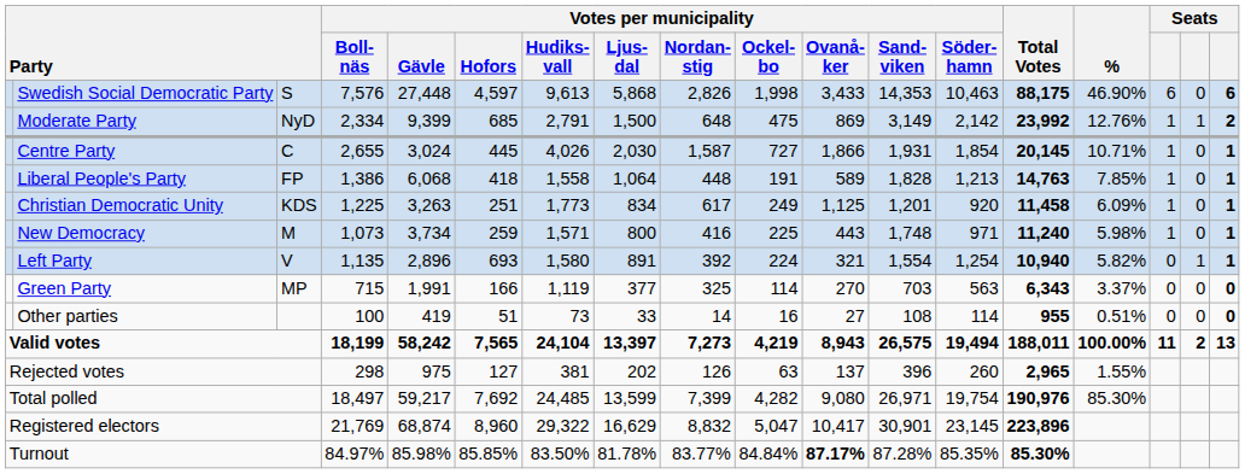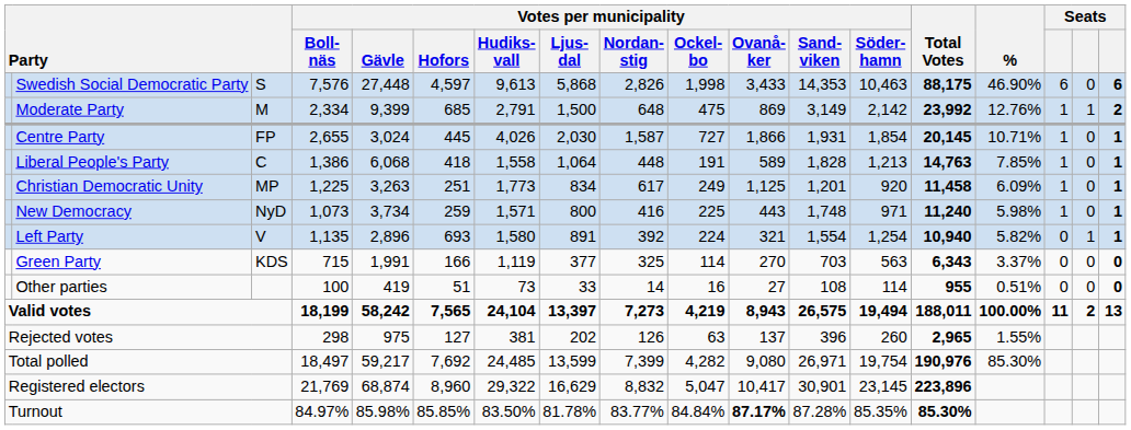 <table class="wikitable" border="1" style="text-align:right;">
 <tr>
 <th style="text-align:left;" valign=bottom rowspan=2 colspan=3>Party</th>
 <th colspan=10>Votes per municipality</th>
 <th align=center valign=bottom rowspan=2 width="50">Total Votes</th>
 <th align=center valign=bottom rowspan=2 width="50">%</th>
 <th colspan=3>Seats</th>
 </tr>
 <tr>
 <th align=center valign=bottom width="50"><a href='#'>Boll- näs</a></th>
 <th align=center valign=bottom width="50"><a href='#'>Gävle</a></th>
 <th align=center valign=bottom width="50"><a href='#'>Hofors</a></th>
 <th align=center valign=bottom width="50"><a href='#'>Hudiks- vall</a></th>
 <th align=center valign=bottom width="50"><a href='#'>Ljus- dal</a></th>
 <th align=center valign=bottom width="50"><a href='#'>Nordan- stig</a></th>
 <th align=center valign=bottom width="50"><a href='#'>Ockel- bo</a></th>
 <th align=center valign=bottom width="50"><a href='#'>Ovanå- ker</a></th>
 <th align=center valign=bottom width="50"><a href='#'>Sand- viken</a></th>
 <th align=center valign=bottom width="50"><a href='#'>Söder- hamn</a></th>
 <th align=center valign=bottom width="20"><small></small></th>
 <th align=center valign=bottom width="20"><small><a href='#'></a></small></th>
 <th align=center valign=bottom width="20"><small></small></th>
 </tr>
 <tr style="background:#CEE0F2;">
 <td></td>
 <td align=left style="white-space: nowrap;"><a href='#'>Swedish Social Democratic Party</a></td>
 <td align=left>S</td>
 <td>7,576</td>
 <td>27,448</td>
 <td>4,597</td>
 <td>9,613</td>
 <td>5,868</td>
 <td>2,826</td>
 <td>1,998</td>
 <td>3,433</td>
 <td>14,353</td>
 <td>10,463</td>
 <td><strong>88,175</strong></td>
 <td>46.90%</td>
 <td>6</td>
 <td>0</td>
 <td><strong>6</strong></td>
 </tr>
 <tr style="background:#CEE0F2;">
 <td></td>
 <td align=left><a href='#'>Moderate Party</a></td>
-<td align=left>NyD</td>
+<td align=left>M</td>
 <td>2,334</td>
 <td>9,399</td>
 <td>685</td>
 <td>2,791</td>
 <td>1,500</td>
 <td>648</td>
 <td>475</td>
 <td>869</td>
 <td>3,149</td>
 <td>2,142</td>
 <td><strong>23,992</strong></td>
 <td>12.76%</td>
 <td>1</td>
 <td>1</td>
 <td><strong>2</strong></td>
 </tr>
 <tr style="background:#CEE0F2; border-top:3px solid darkgray;">
 <td></td>
 <td align=left><a href='#'>Centre Party</a></td>
-<td align=left>C</td>
+<td align=left>FP</td>
 <td>2,655</td>
 <td>3,024</td>
 <td>445</td>
 <td>4,026</td>
 <td>2,030</td>
 <td>1,587</td>
 <td>727</td>
 <td>1,866</td>
 <td>1,931</td>
 <td>1,854</td>
 <td><strong>20,145</strong></td>
 <td>10.71%</td>
 <td>1</td>
 <td>0</td>
 <td><strong>1</strong></td>
 </tr>
 <tr style="background:#CEE0F2;">
 <td></td>
 <td align=left><a href='#'>Liberal People's Party</a></td>
-<td align=left>FP</td>
+<td align=left>C</td>
 <td>1,386</td>
 <td>6,068</td>
 <td>418</td>
 <td>1,558</td>
 <td>1,064</td>
 <td>448</td>
 <td>191</td>
 <td>589</td>
 <td>1,828</td>
 <td>1,213</td>
 <td><strong>14,763</strong></td>
 <td>7.85%</td>
 <td>1</td>
 <td>0</td>
 <td><strong>1</strong></td>
 </tr>
 <tr style="background:#CEE0F2;">
 <td></td>
 <td align=left><a href='#'>Christian Democratic Unity</a></td>
-<td align=left>KDS</td>
+<td align=left>MP</td>
 <td>1,225</td>
 <td>3,263</td>
 <td>251</td>
 <td>1,773</td>
 <td>834</td>
 <td>617</td>
 <td>249</td>
 <td>1,125</td>
 <td>1,201</td>
 <td>920</td>
 <td><strong>11,458</strong></td>
 <td>6.09%</td>
 <td>1</td>
 <td>0</td>
 <td><strong>1</strong></td>
 </tr>
 <tr style="background:#CEE0F2;">
 <td></td>
 <td align=left><a href='#'>New Democracy</a></td>
-<td align=left>M</td>
+<td align=left>NyD</td>
 <td>1,073</td>
 <td>3,734</td>
 <td>259</td>
 <td>1,571</td>
 <td>800</td>
 <td>416</td>
 <td>225</td>
 <td>443</td>
 <td>1,748</td>
 <td>971</td>
 <td><strong>11,240</strong></td>
 <td>5.98%</td>
 <td>1</td>
 <td>0</td>
 <td><strong>1</strong></td>
 </tr>
 <tr style="background:#CEE0F2;">
 <td></td>
 <td align=left><a href='#'>Left Party</a></td>
 <td align=left>V</td>
 <td>1,135</td>
 <td>2,896</td>
 <td>693</td>
 <td>1,580</td>
 <td>891</td>
 <td>392</td>
 <td>224</td>
 <td>321</td>
 <td>1,554</td>
 <td>1,254</td>
 <td><strong>10,940</strong></td>
 <td>5.82%</td>
 <td>0</td>
 <td>1</td>
 <td><strong>1</strong></td>
 </tr>
 <tr>
 <td></td>
 <td align=left><a href='#'>Green Party</a></td>
-<td align=left>MP</td>
+<td align=left>KDS</td>
 <td>715</td>
 <td>1,991</td>
 <td>166</td>
 <td>1,119</td>
 <td>377</td>
 <td>325</td>
 <td>114</td>
 <td>270</td>
 <td>703</td>
 <td>563</td>
 <td><strong>6,343</strong></td>
 <td>3.37%</td>
 <td>0</td>
 <td>0</td>
 <td><strong>0</strong></td>
 </tr>
 <tr>
 <td></td>
 <td align=left>Other parties</td>
 <td></td>
 <td>100</td>
 <td>419</td>
 <td>51</td>
 <td>73</td>
 <td>33</td>
 <td>14</td>
 <td>16</td>
 <td>27</td>
 <td>108</td>
 <td>114</td>
 <td><strong>955</strong></td>
 <td>0.51%</td>
 <td>0</td>
 <td>0</td>
 <td><strong>0</strong></td>
 </tr>
 <tr style="font-weight:bold">
 <td align=left colspan=3>Valid votes</td>
 <td>18,199</td>
 <td>58,242</td>
 <td>7,565</td>
 <td>24,104</td>
 <td>13,397</td>
 <td>7,273</td>
 <td>4,219</td>
 <td>8,943</td>
 <td>26,575</td>
 <td>19,494</td>
 <td>188,011</td>
 <td>100.00%</td>
 <td>11</td>
 <td>2</td>
 <td>13</td>
 </tr>
 <tr>
 <td align=left colspan=3>Rejected votes</td>
 <td>298</td>
 <td>975</td>
 <td>127</td>
 <td>381</td>
 <td>202</td>
 <td>126</td>
 <td>63</td>
 <td>137</td>
 <td>396</td>
 <td>260</td>
 <td><strong>2,965</strong></td>
 <td>1.55%</td>
 <td></td>
 <td></td>
 <td></td>
 </tr>
 <tr>
 <td align=left colspan=3>Total polled</td>
 <td>18,497</td>
 <td>59,217</td>
 <td>7,692</td>
 <td>24,485</td>
 <td>13,599</td>
 <td>7,399</td>
 <td>4,282</td>
 <td>9,080</td>
 <td>26,971</td>
 <td>19,754</td>
 <td><strong>190,976</strong></td>
 <td>85.30%</td>
 <td></td>
 <td></td>
 <td></td>
 </tr>
 <tr>
 <td align=left colspan=3>Registered electors</td>
 <td>21,769</td>
 <td>68,874</td>
 <td>8,960</td>
 <td>29,322</td>
 <td>16,629</td>
 <td>8,832</td>
 <td>5,047</td>
 <td>10,417</td>
 <td>30,901</td>
 <td>23,145</td>
 <td><strong>223,896</strong></td>
 <td></td>
 <td></td>
 <td></td>
 <td></td>
 </tr>
 <tr>
 <td align=left colspan=3>Turnout</td>
 <td>84.97%</td>
 <td>85.98%</td>
 <td>85.85%</td>
 <td>83.50%</td>
 <td>81.78%</td>
 <td>83.77%</td>
 <td>84.84%</td>
 <td><strong>87.17%</strong></td>
 <td>87.28%</td>
 <td>85.35%</td>
 <td><strong>85.30%</strong></td>
 <td></td>
 <td></td>
 <td></td>
 <td></td>
 </tr>
 </table>
